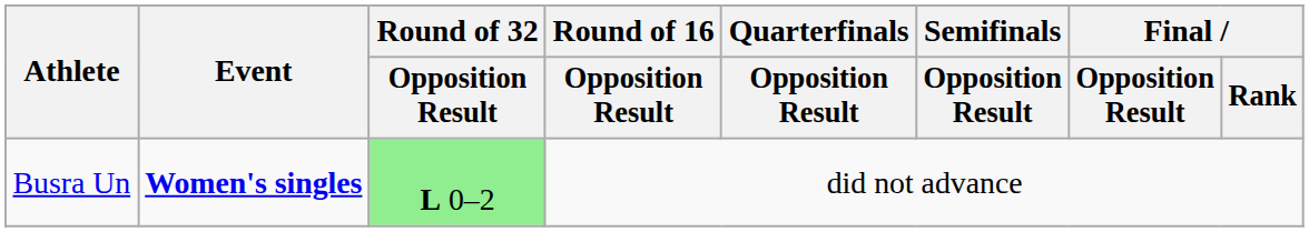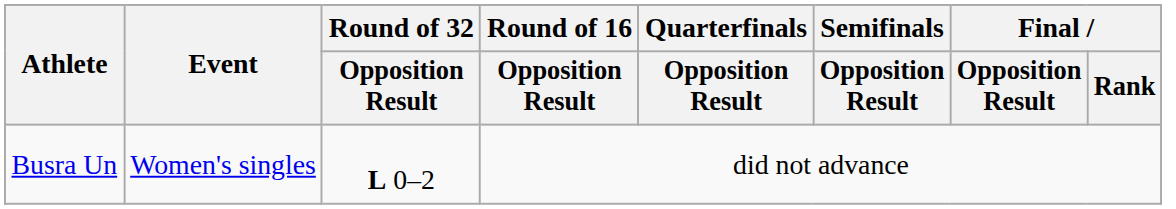 <table class="wikitable" style="font-size:90%;">
 <tr>
 <th rowspan=2>Athlete</th>
 <th rowspan=2>Event</th>
 <th>Round of 32</th>
 <th>Round of 16</th>
 <th>Quarterfinals</th>
 <th>Semifinals</th>
 <th colspan=2>Final / </th>
 </tr>
 <tr style="font-size:95%">
 <th>Opposition<br>Result</th>
 <th>Opposition<br>Result</th>
 <th>Opposition<br>Result</th>
 <th>Opposition<br>Result</th>
 <th>Opposition<br>Result</th>
 <th>Rank</th>
 </tr>
 <tr align=center>
 <td align=left><a href='#'>Busra Un</a></td>
-<td align=left><strong><a href='#'>Women's singles</a></strong></td>
-<td style="background: lightgreen;"><br><strong>L</strong> 0–2</td>
+<td align=left><a href='#'>Women's singles</a></td>
+<td><br><strong>L</strong> 0–2</td>
 <td colspan=5>did not advance</td>
 </tr>
 </table>
